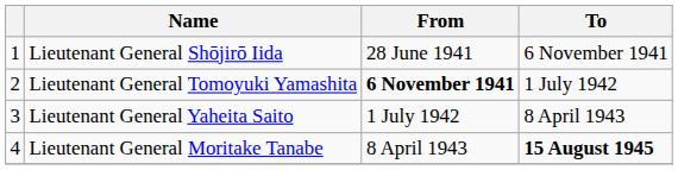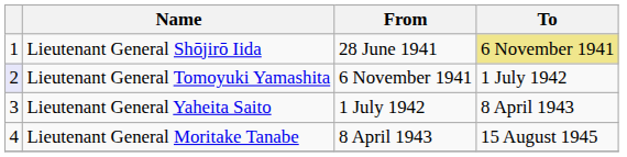 <table class=wikitable>
 <tr>
 <th></th>
 <th>Name</th>
 <th>From</th>
 <th>To</th>
 </tr>
 <tr>
 <td>1</td>
 <td>Lieutenant General <a href='#'>Shōjirō Iida</a></td>
 <td>28 June 1941</td>
-<td>6 November 1941</td>
+<td style="background: khaki;">6 November 1941</td>
 </tr>
 <tr>
-<td>2</td>
+<td style="background: lavender;">2</td>
 <td>Lieutenant General <a href='#'>Tomoyuki Yamashita</a></td>
-<td><strong>6 November 1941</strong></td>
+<td>6 November 1941</td>
 <td>1 July 1942</td>
 </tr>
 <tr>
 <td>3</td>
 <td>Lieutenant General <a href='#'>Yaheita Saito</a></td>
 <td>1 July 1942</td>
 <td>8 April 1943</td>
 </tr>
 <tr>
 <td>4</td>
 <td>Lieutenant General <a href='#'>Moritake Tanabe</a></td>
 <td>8 April 1943</td>
-<td><strong>15 August 1945</strong></td>
+<td>15 August 1945</td>
 </tr>
 <tr>
 </tr>
 </table>
